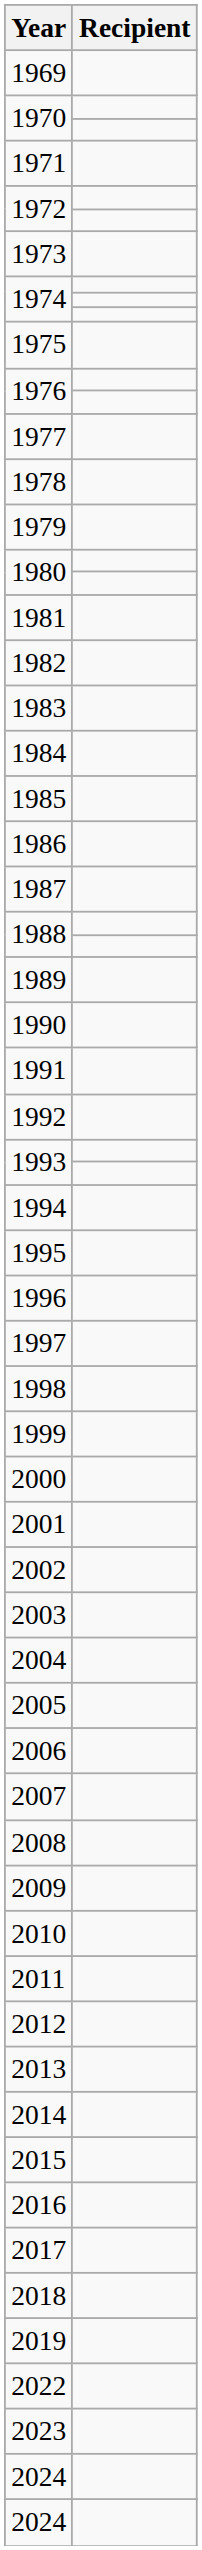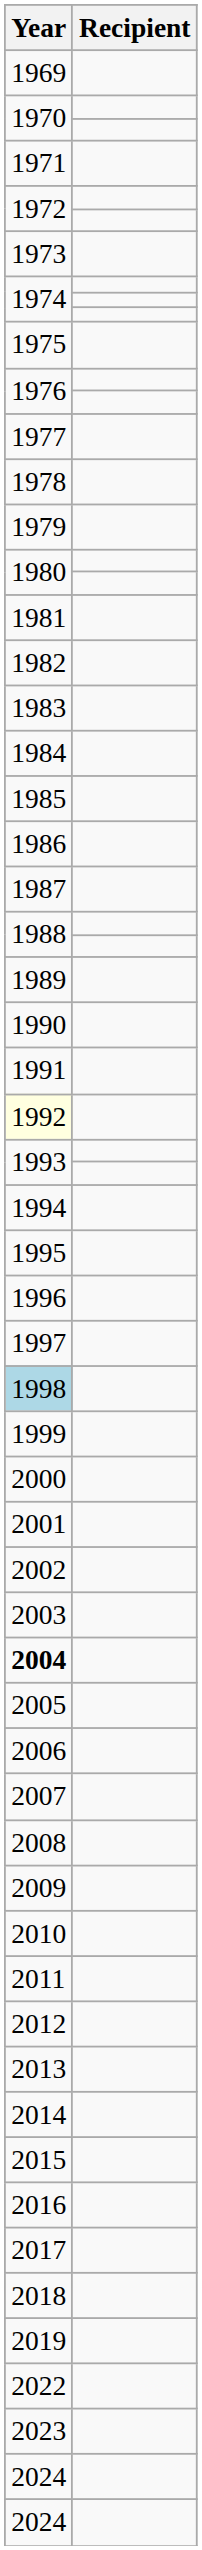 <table class="wikitable sortable" style="font-size: 95%;">
 <tr>
 <th>Year</th>
 <th>Recipient</th>
 </tr>
 <tr>
 <td>1969</td>
 <td></td>
 </tr>
 <tr>
 <td rowspan=2>1970</td>
 <td></td>
 </tr>
 <tr>
 <td></td>
 </tr>
 <tr>
 <td>1971</td>
 <td></td>
 </tr>
 <tr>
 <td rowspan=2>1972</td>
 <td></td>
 </tr>
 <tr>
 <td></td>
 </tr>
 <tr>
 <td>1973</td>
 <td></td>
 </tr>
 <tr>
 <td rowspan=3>1974</td>
 <td></td>
 </tr>
 <tr>
 <td></td>
 </tr>
 <tr>
 <td></td>
 </tr>
 <tr>
 <td>1975</td>
 <td></td>
 </tr>
 <tr>
 <td rowspan=2>1976</td>
 <td></td>
 </tr>
 <tr>
 <td></td>
 </tr>
 <tr>
 <td>1977</td>
 <td></td>
 </tr>
 <tr>
 <td>1978</td>
 <td></td>
 </tr>
 <tr>
 <td>1979</td>
 <td></td>
 </tr>
 <tr>
 <td rowspan=2>1980</td>
 <td></td>
 </tr>
 <tr>
 <td></td>
 </tr>
 <tr>
 <td>1981</td>
 <td></td>
 </tr>
 <tr>
 <td>1982</td>
 <td></td>
 </tr>
 <tr>
 <td>1983</td>
 <td></td>
 </tr>
 <tr>
 <td>1984</td>
 <td></td>
 </tr>
 <tr>
 <td>1985</td>
 <td></td>
 </tr>
 <tr>
 <td>1986</td>
 <td></td>
 </tr>
 <tr>
 <td>1987</td>
 <td></td>
 </tr>
 <tr>
 <td rowspan=2>1988</td>
 <td></td>
 </tr>
 <tr>
 <td></td>
 </tr>
 <tr>
 <td>1989</td>
 <td></td>
 </tr>
 <tr>
 <td>1990</td>
 <td></td>
 </tr>
 <tr>
 <td>1991</td>
 <td></td>
 </tr>
 <tr>
-<td>1992</td>
+<td style="background: lightyellow;">1992</td>
 <td></td>
 </tr>
 <tr>
 <td rowspan=2>1993</td>
 <td></td>
 </tr>
 <tr>
 <td></td>
 </tr>
 <tr>
 <td>1994</td>
 <td></td>
 </tr>
 <tr>
 <td>1995</td>
 <td></td>
 </tr>
 <tr>
 <td>1996</td>
 <td></td>
 </tr>
 <tr>
 <td>1997</td>
 <td></td>
 </tr>
 <tr>
-<td>1998</td>
+<td style="background: lightblue;">1998</td>
 <td></td>
 </tr>
 <tr>
 <td>1999</td>
 <td></td>
 </tr>
 <tr>
 <td>2000</td>
 <td></td>
 </tr>
 <tr>
 <td>2001</td>
 <td></td>
 </tr>
 <tr>
 <td>2002</td>
 <td></td>
 </tr>
 <tr>
 <td>2003</td>
 <td></td>
 </tr>
 <tr>
-<td>2004</td>
+<td><strong>2004</strong></td>
 <td></td>
 </tr>
 <tr>
 <td>2005</td>
 <td></td>
 </tr>
 <tr>
 <td>2006</td>
 <td></td>
 </tr>
 <tr>
 <td>2007</td>
 <td></td>
 </tr>
 <tr>
 <td>2008</td>
 <td></td>
 </tr>
 <tr>
 <td>2009</td>
 <td></td>
 </tr>
 <tr>
 <td>2010</td>
 <td></td>
 </tr>
 <tr>
 <td>2011</td>
 <td></td>
 </tr>
 <tr>
 <td>2012</td>
 <td></td>
 </tr>
 <tr>
 <td>2013</td>
 <td></td>
 </tr>
 <tr>
 <td>2014</td>
 <td></td>
 </tr>
 <tr>
 <td>2015</td>
 <td></td>
 </tr>
 <tr>
 <td>2016</td>
 <td></td>
 </tr>
 <tr>
 <td>2017</td>
 <td></td>
 </tr>
 <tr>
 <td>2018</td>
 <td></td>
 </tr>
 <tr>
 <td>2019</td>
 <td></td>
 </tr>
 <tr>
 <td>2022</td>
 <td></td>
 </tr>
 <tr>
 <td>2023</td>
 <td></td>
 </tr>
 <tr>
 <td>2024</td>
 <td></td>
 </tr>
 <tr>
 <td>2024</td>
 <td></td>
 </tr>
 </table>
